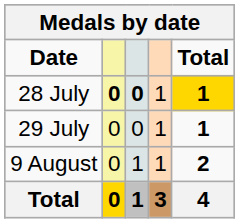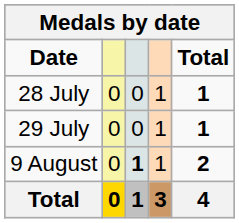 <table class="wikitable" style="font-size:85%">
 <tr bgcolor="#efefef">
 <th colspan=6>Medals by date</th>
 </tr>
 <tr align=center>
 <td><strong>Date</strong></td>
 <td bgcolor=#f7f6a8></td>
 <td bgcolor=#dce5e5></td>
 <td bgcolor=#ffdab9></td>
 <td><strong>Total</strong></td>
 </tr>
 <tr align=center>
 <td>28 July</td>
-<td style="background:#F7F6A8;"><strong>0</strong></td>
-<td style="background:#DCE5E5;"><strong>0</strong></td>
+<td style="background:#F7F6A8;">0</td>
+<td style="background:#DCE5E5;">0</td>
 <td style="background:#FFDAB9;">1</td>
-<td style="background: gold;"><strong>1</strong></td>
+<td><strong>1</strong></td>
 </tr>
 <tr align=center>
 <td>29 July</td>
 <td style="background:#F7F6A8;">0</td>
 <td style="background:#DCE5E5;">0</td>
 <td style="background:#FFDAB9;">1</td>
 <td><strong>1</strong></td>
 </tr>
 <tr align=center>
 <td>9 August</td>
 <td style="background:#F7F6A8;">0</td>
-<td style="background:#DCE5E5;">1</td>
+<td style="background:#DCE5E5;"><strong>1</strong></td>
 <td style="background:#FFDAB9;">1</td>
 <td><strong>2</strong></td>
 </tr>
 <tr align=center>
 <th><strong>Total</strong></th>
 <th style="background:gold;"><strong>0</strong></th>
 <th style="background:silver;"><strong>1</strong></th>
 <th style="background:#c96;"><strong>3</strong></th>
 <th>4</th>
 </tr>
 </table>
